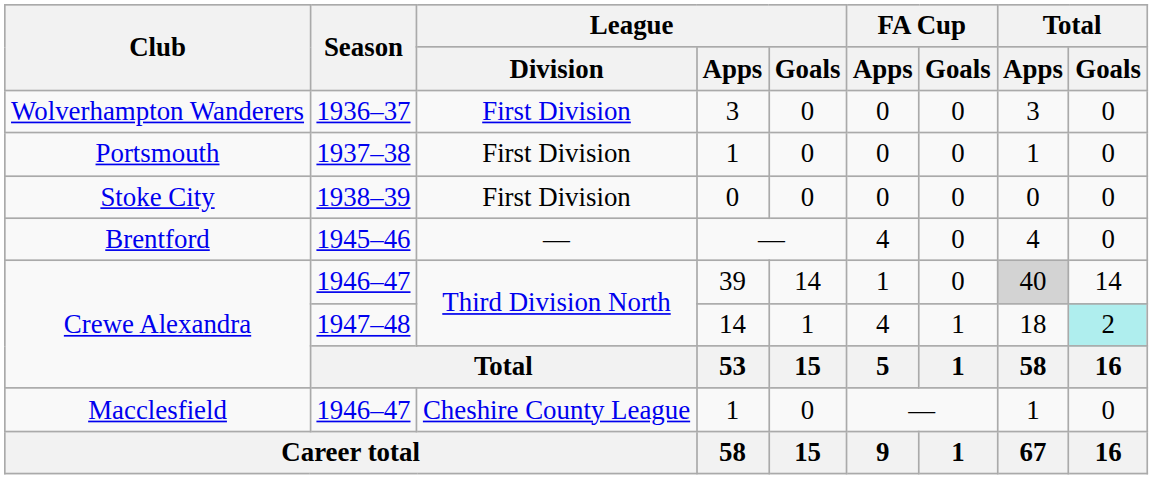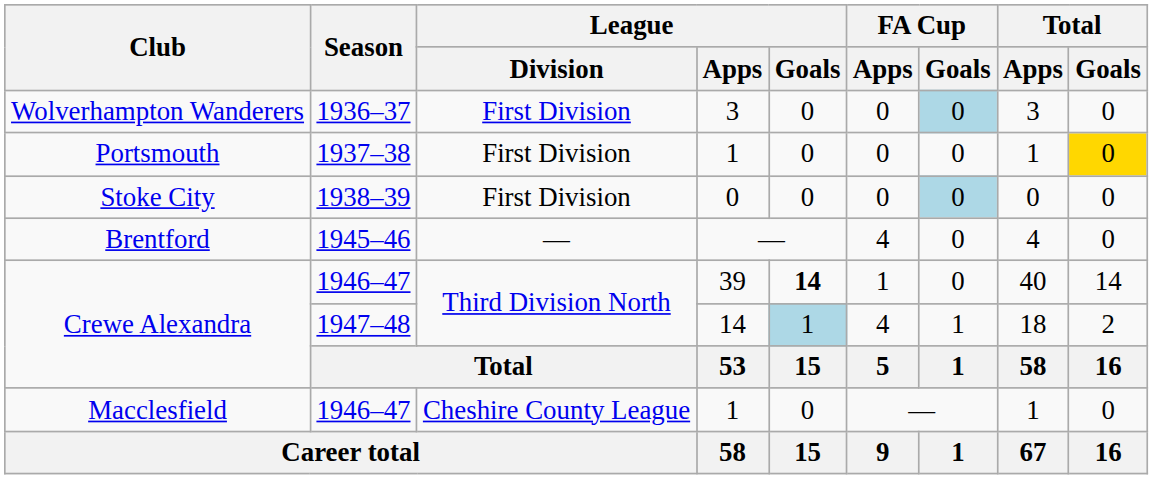 <table class="wikitable" style="text-align: center;">
 <tr>
 <th rowspan="2">Club</th>
 <th rowspan="2">Season</th>
 <th colspan="3">League</th>
 <th colspan="2">FA Cup</th>
 <th colspan="2">Total</th>
 </tr>
 <tr>
 <th>Division</th>
 <th>Apps</th>
 <th>Goals</th>
 <th>Apps</th>
 <th>Goals</th>
 <th>Apps</th>
 <th>Goals</th>
 </tr>
 <tr>
 <td><a href='#'>Wolverhampton Wanderers</a></td>
 <td><a href='#'>1936–37</a></td>
 <td><a href='#'>First Division</a></td>
 <td>3</td>
 <td>0</td>
 <td>0</td>
-<td>0</td>
+<td style="background: lightblue;">0</td>
 <td>3</td>
 <td>0</td>
 </tr>
 <tr>
 <td><a href='#'>Portsmouth</a></td>
 <td><a href='#'>1937–38</a></td>
 <td>First Division</td>
 <td>1</td>
 <td>0</td>
 <td>0</td>
 <td>0</td>
 <td>1</td>
-<td>0</td>
+<td style="background: gold;">0</td>
 </tr>
 <tr>
 <td><a href='#'>Stoke City</a></td>
 <td><a href='#'>1938–39</a></td>
 <td>First Division</td>
 <td>0</td>
 <td>0</td>
 <td>0</td>
-<td>0</td>
+<td style="background: lightblue;">0</td>
 <td>0</td>
 <td>0</td>
 </tr>
 <tr>
 <td><a href='#'>Brentford</a></td>
 <td><a href='#'>1945–46</a></td>
 <td>—</td>
 <td colspan="2">—</td>
 <td>4</td>
 <td>0</td>
 <td>4</td>
 <td>0</td>
 </tr>
 <tr>
 <td rowspan="3"><a href='#'>Crewe Alexandra</a></td>
 <td><a href='#'>1946–47</a></td>
 <td rowspan="2"><a href='#'>Third Division North</a></td>
 <td>39</td>
-<td>14</td>
+<td><strong>14</strong></td>
 <td>1</td>
 <td>0</td>
-<td style="background: lightgrey;">40</td>
+<td>40</td>
 <td>14</td>
 </tr>
 <tr>
 <td><a href='#'>1947–48</a></td>
 <td>14</td>
-<td>1</td>
+<td style="background: lightblue;">1</td>
 <td>4</td>
 <td>1</td>
 <td>18</td>
-<td style="background: paleturquoise;">2</td>
+<td>2</td>
 </tr>
 <tr>
 <th colspan="2">Total</th>
 <th>53</th>
 <th>15</th>
 <th>5</th>
 <th>1</th>
 <th>58</th>
 <th>16</th>
 </tr>
 <tr>
 <td><a href='#'>Macclesfield</a></td>
 <td><a href='#'>1946–47</a></td>
 <td><a href='#'>Cheshire County League</a></td>
 <td>1</td>
 <td>0</td>
 <td colspan="2">—</td>
 <td>1</td>
 <td>0</td>
 </tr>
 <tr>
 <th colspan="3">Career total</th>
 <th>58</th>
 <th>15</th>
 <th>9</th>
 <th>1</th>
 <th>67</th>
 <th>16</th>
 </tr>
 </table>
